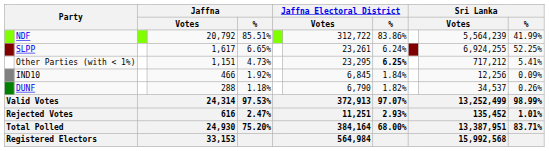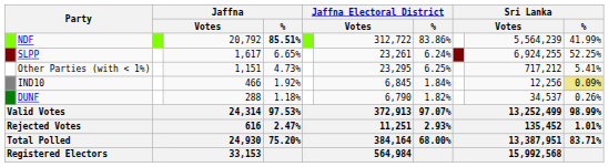 <table class="wikitable">
 <tr>
 <th colspan="2" width="144px"rowspan="2">Party</th>
 <th colspan="3" width="216px">Jaffna</th>
 <th colspan="3" width="216px"><a href='#'>Jaffna Electoral District</a></th>
 <th colspan="3" width="216px">Sri Lanka</th>
 </tr>
 <tr>
 <th colspan="2" width="144px">Votes</th>
 <th>%</th>
 <th colspan="2" width="144px">Votes</th>
 <th>%</th>
 <th colspan="2" width="144px">Votes</th>
 <th>%</th>
 </tr>
 <tr>
 <td style="background-color:chartreuse;" width="10px"></td>
 <td style="text-align:left;"><a href='#'>NDF</a></td>
 <td style="background-color:chartreuse;" width="10px"></td>
 <td style="text-align:right;">20,792</td>
-<td style="text-align:right;">85.51%</td>
+<td style="text-align:right;"><strong>85.51%</strong></td>
 <td style="background-color:chartreuse;" width="10px"></td>
 <td style="text-align:right;">312,722</td>
 <td style="text-align:right;">83.86%</td>
 <td style="background-color:white;" width="10px"></td>
 <td style="text-align:right;">5,564,239</td>
 <td style="text-align:right;">41.99%</td>
 </tr>
 <tr>
 <td style="background-color:maroon;" width="10px"></td>
 <td style="text-align:left;"><a href='#'>SLPP</a></td>
 <td style="background-color:white;" width="10px"></td>
 <td style="text-align:right;">1,617</td>
 <td style="text-align:right;">6.65%</td>
 <td style="background-color:white;" width="10px"></td>
 <td style="text-align:right;">23,261</td>
 <td style="text-align:right;">6.24%</td>
 <td style="background-color:maroon;" width="10px"></td>
 <td style="text-align:right;">6,924,255</td>
 <td style="text-align:right;">52.25%</td>
 </tr>
 <tr>
 <td style="background-color:white;" width="10px"></td>
 <td style="text-align:left;">Other Parties (with < 1%)</td>
 <td style="background-color:white;" width="10px"></td>
 <td style="text-align:right;">1,151</td>
 <td style="text-align:right;">4.73%</td>
 <td style="background-color:white;" width="10px"></td>
 <td style="text-align:right;">23,295</td>
-<td style="text-align:right;"><strong>6.25%</strong></td>
+<td style="text-align:right;">6.25%</td>
 <td style="background-color:white;" width="10px"></td>
 <td style="text-align:right;">717,212</td>
 <td style="text-align:right;">5.41%</td>
 </tr>
 <tr>
 <td style="background-color:grey;" width="10px"></td>
 <td style="text-align:left;">IND10</td>
 <td style="background-color:white;" width="10px"></td>
 <td style="text-align:right;">466</td>
 <td style="text-align:right;">1.92%</td>
 <td style="background-color:white;" width="10px"></td>
 <td style="text-align:right;">6,845</td>
 <td style="text-align:right;">1.84%</td>
 <td style="background-color:white;" width="10px"></td>
 <td style="text-align:right;">12,256</td>
-<td style="text-align:right;">0.09%</td>
+<td style="background: khaki; text-align:right;">0.09%</td>
 </tr>
 <tr>
 <td style="background-color:green;" width="10px"></td>
 <td style="text-align:left;"><a href='#'>DUNF</a></td>
 <td style="background-color:white;" width="10px"></td>
 <td style="text-align:right;">288</td>
 <td style="text-align:right;">1.18%</td>
 <td style="background-color:white;" width="10px"></td>
 <td style="text-align:right;">6,790</td>
 <td style="text-align:right;">1.82%</td>
 <td style="background-color:white;" width="10px"></td>
 <td style="text-align:right;">34,537</td>
 <td style="text-align:right;">0.26%</td>
 </tr>
 <tr>
 <th colspan="2" width="144px"style="text-align:left;">Valid Votes</th>
 <th style="text-align:right;"colspan="2" width="144px">24,314</th>
 <th style="text-align:right;">97.53%</th>
 <th style="text-align:right;"colspan="2" width="144px">372,913</th>
 <th style="text-align:right;">97.07%</th>
 <th style="text-align:right;"colspan="2" width="144px">13,252,499</th>
 <th style="text-align:right;">98.99%</th>
 </tr>
 <tr>
 <th colspan="2" width="144px"style="text-align:left;">Rejected Votes</th>
 <th style="text-align:right;"colspan="2" width="144px">616</th>
 <th style="text-align:right;">2.47%</th>
 <th style="text-align:right;"colspan="2" width="144px">11,251</th>
 <th style="text-align:right;">2.93%</th>
 <th style="text-align:right;"colspan="2" width="144px">135,452</th>
 <th style="text-align:right;">1.01%</th>
 </tr>
 <tr>
 <th colspan="2" width="144px"style="text-align:left;">Total Polled</th>
 <th style="text-align:right;"colspan="2" width="144px">24,930</th>
 <th style="text-align:right;">75.20%</th>
 <th style="text-align:right;"colspan="2" width="144px">384,164</th>
 <th style="text-align:right;">68.00%</th>
 <th style="text-align:right;"colspan="2" width="144px">13,387,951</th>
 <th style="text-align:right;">83.71%</th>
 </tr>
 <tr>
 <th colspan="2" width="144px"style="text-align:left;">Registered Electors</th>
 <th style="text-align:right;"colspan="2" width="144px">33,153</th>
 <th></th>
 <th style="text-align:right;"colspan="2" width="144px">564,984</th>
 <th></th>
 <th style="text-align:right;"colspan="2" width="144px">15,992,568</th>
 <th></th>
 </tr>
 </table>
